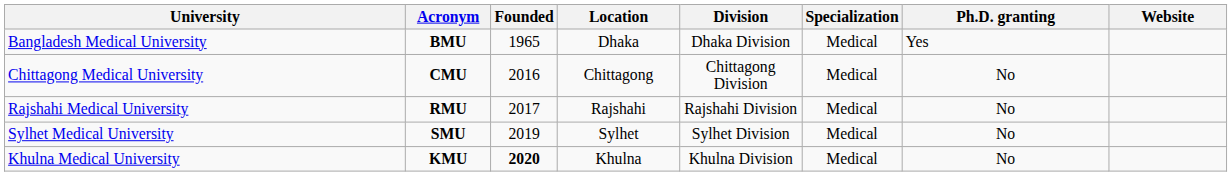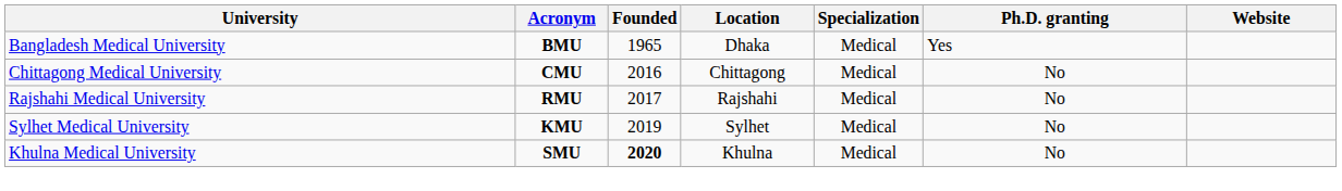 <table class="wikitable sortable mw-datatable static-row-numbers">
 <tr>
 <th>University</th>
 <th class="unsortable"><a href='#'>Acronym</a></th>
 <th>Founded</th>
 <th>Location</th>
-<th>Division</th>
 <th>Specialization</th>
 <th>Ph.D. granting</th>
 <th>Website</th>
 </tr>
 <tr>
 <td><a href='#'>Bangladesh Medical University</a></td>
 <td style="text-align:center;"><strong>BMU</strong></td>
 <td style="text-align:center;">1965</td>
 <td style="text-align:center;">Dhaka</td>
-<td style="text-align:center;">Dhaka Division</td>
 <td style="text-align:center;">Medical</td>
 <td style="Yes-align:center;">Yes</td>
 <td style="text-align:center;"></td>
 </tr>
 <tr>
 <td><a href='#'>Chittagong Medical University</a></td>
 <td style="text-align:center; width:7%;"><strong>CMU</strong></td>
 <td style="text-align:center; width:5%;">2016</td>
 <td style="text-align:center; width:10%;">Chittagong</td>
-<td style="text-align:center; width:10%;">Chittagong Division</td>
 <td style="text-align:center; width:5%;">Medical</td>
 <td style="text-align:center;">No</td>
 <td style="text-align:center;"></td>
 </tr>
 <tr>
 <td><a href='#'>Rajshahi Medical University</a></td>
 <td style="text-align:center; width:7%;"><strong>RMU</strong></td>
 <td style="text-align:center; width:5%;">2017</td>
 <td style="text-align:center; width:10%;">Rajshahi</td>
-<td style="text-align:center; width:10%;">Rajshahi Division</td>
 <td style="text-align:center; width:5%;">Medical</td>
 <td style="text-align:center;">No</td>
 <td style="text-align:center;"></td>
 </tr>
 <tr>
 <td><a href='#'>Sylhet Medical University</a></td>
-<td style="text-align:center; width:7%;"><strong>SMU</strong></td>
+<td style="text-align:center; width:7%;"><strong>KMU</strong></td>
 <td style="text-align:center; width:5%;">2019</td>
 <td style="text-align:center; width:10%;">Sylhet</td>
-<td style="text-align:center; width:10%;">Sylhet Division</td>
 <td style="text-align:center; width:5%;">Medical</td>
 <td style="text-align:center;">No</td>
 <td style="text-align:center;"></td>
 </tr>
 <tr>
 <td><a href='#'>Khulna Medical University</a></td>
-<td style="text-align:center; width:7%;"><strong>KMU</strong></td>
+<td style="text-align:center; width:7%;"><strong>SMU</strong></td>
 <td style="text-align:center; width:5%;"><strong>2020</strong></td>
 <td style="text-align:center; width:10%;">Khulna</td>
-<td style="text-align:center; width:10%;">Khulna Division</td>
 <td style="text-align:center; width:5%;">Medical</td>
 <td style="text-align:center;">No</td>
 <td style="text-align:center;"><br></td>
 </tr>
 </table>
